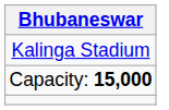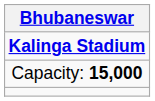 <table class="wikitable" style="text-align:center;">
 <tr>
 <th><a href='#'>Bhubaneswar</a></th>
 </tr>
 <tr>
-<td><a href='#'>Kalinga Stadium</a></td>
+<td><strong><a href='#'>Kalinga Stadium</a></strong></td>
 </tr>
 <tr>
 <td>Capacity: <strong>15,000</strong></td>
 </tr>
 <tr>
 <td></td>
 </tr>
 </table>
